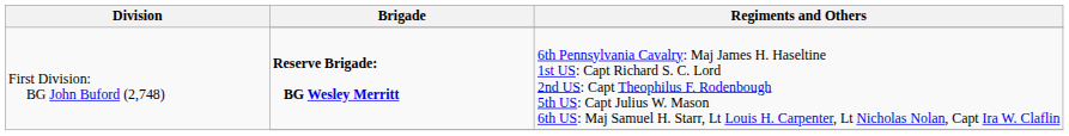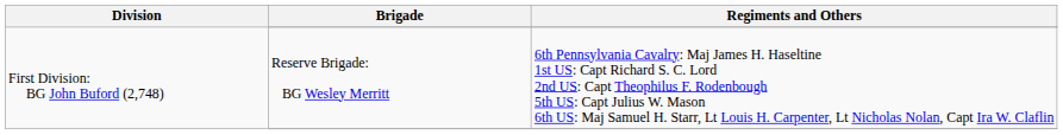 <table class="wikitable">
 <tr>
 <th width=25%>Division</th>
 <th width=25%>Brigade</th>
 <th>Regiments and Others</th>
 </tr>
 <tr>
 <td rowspan=3><br>First Division: <br>     BG <a href='#'>John Buford</a> (2,748)</td>
 </tr>
 <tr>
-<td><strong>Reserve Brigade:<br><br>   BG <a href='#'>Wesley Merritt</a></strong></td>
+<td>Reserve Brigade:<br><br>   BG <a href='#'>Wesley Merritt</a></td>
 <td><br><a href='#'>6th Pennsylvania Cavalry</a>: Maj James H. Haseltine <br> <a href='#'>1st US</a>: Capt Richard S. C. Lord <br> <a href='#'>2nd US</a>: Capt <a href='#'>Theophilus F. Rodenbough</a> <br> <a href='#'>5th US</a>: Capt Julius W. Mason <br> <a href='#'>6th US</a>: Maj Samuel H. Starr, Lt <a href='#'>Louis H. Carpenter</a>, Lt <a href='#'>Nicholas Nolan</a>, Capt <a href='#'>Ira W. Claflin</a></td>
 </tr>
 <tr>
 </tr>
 </table>
